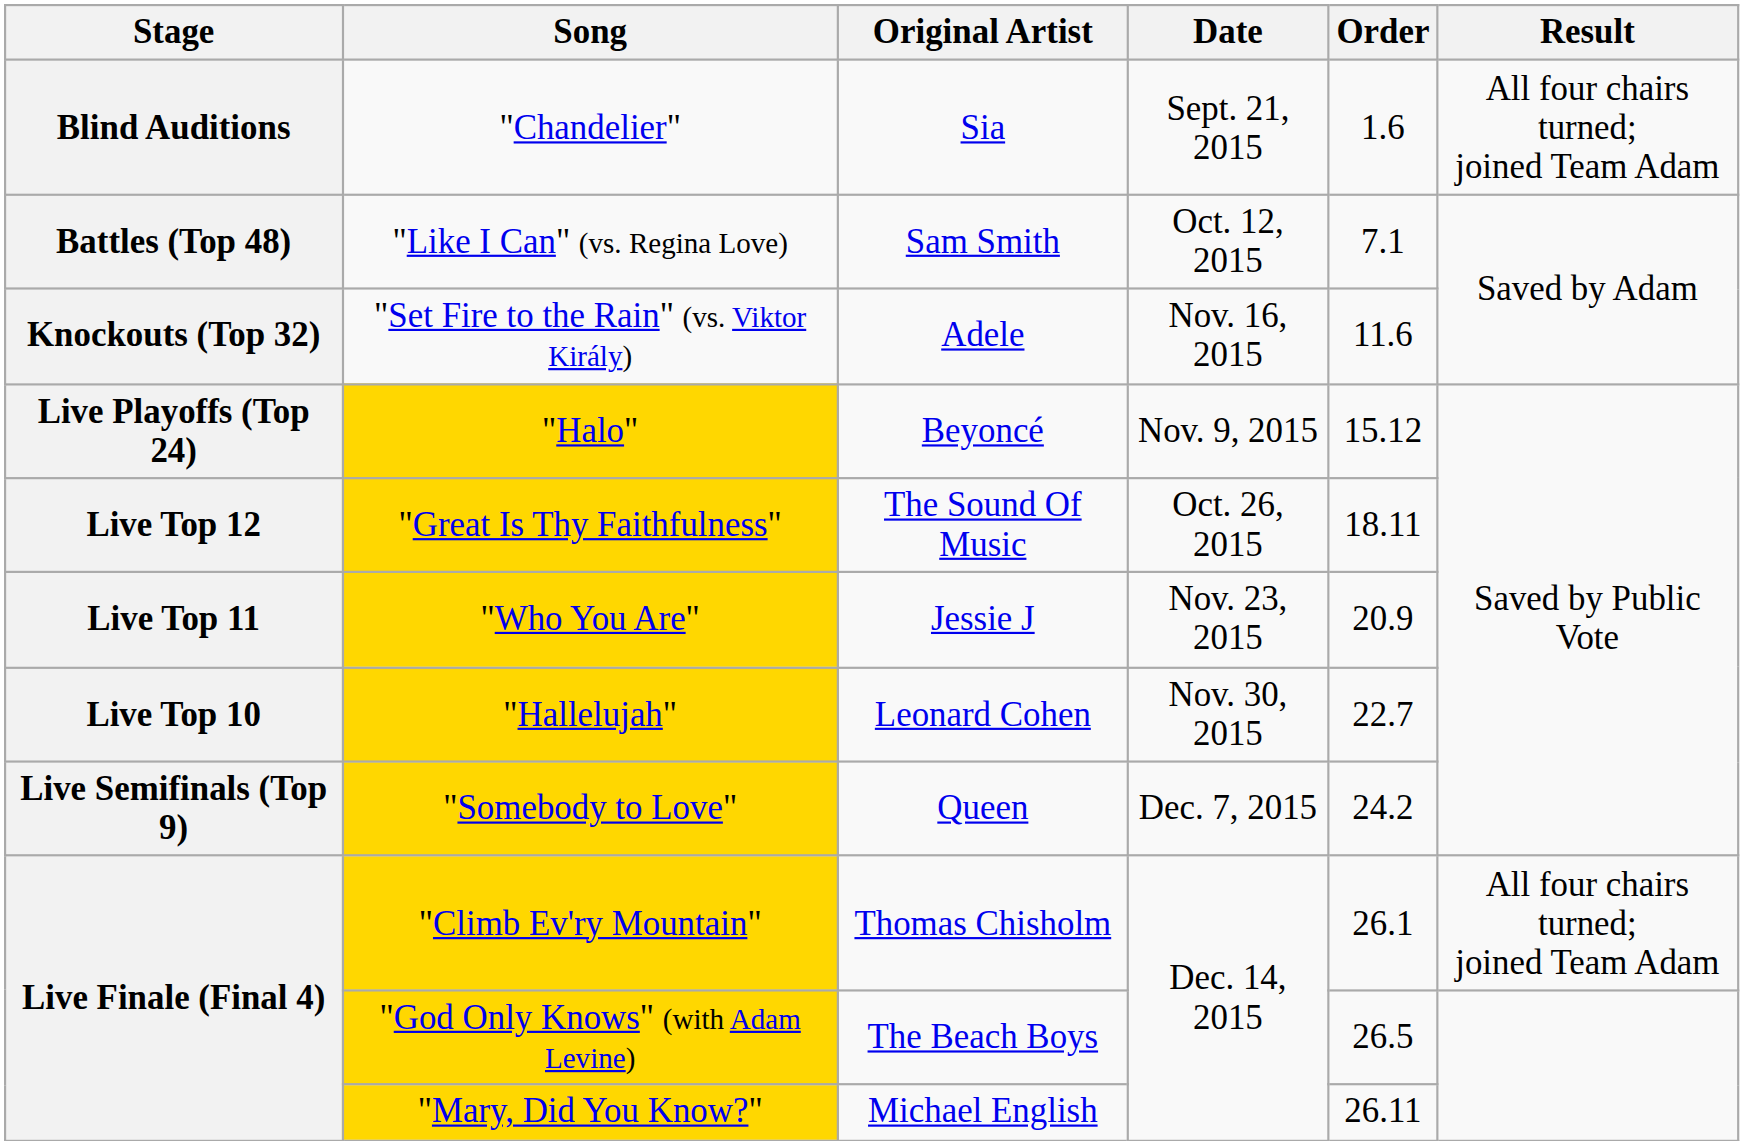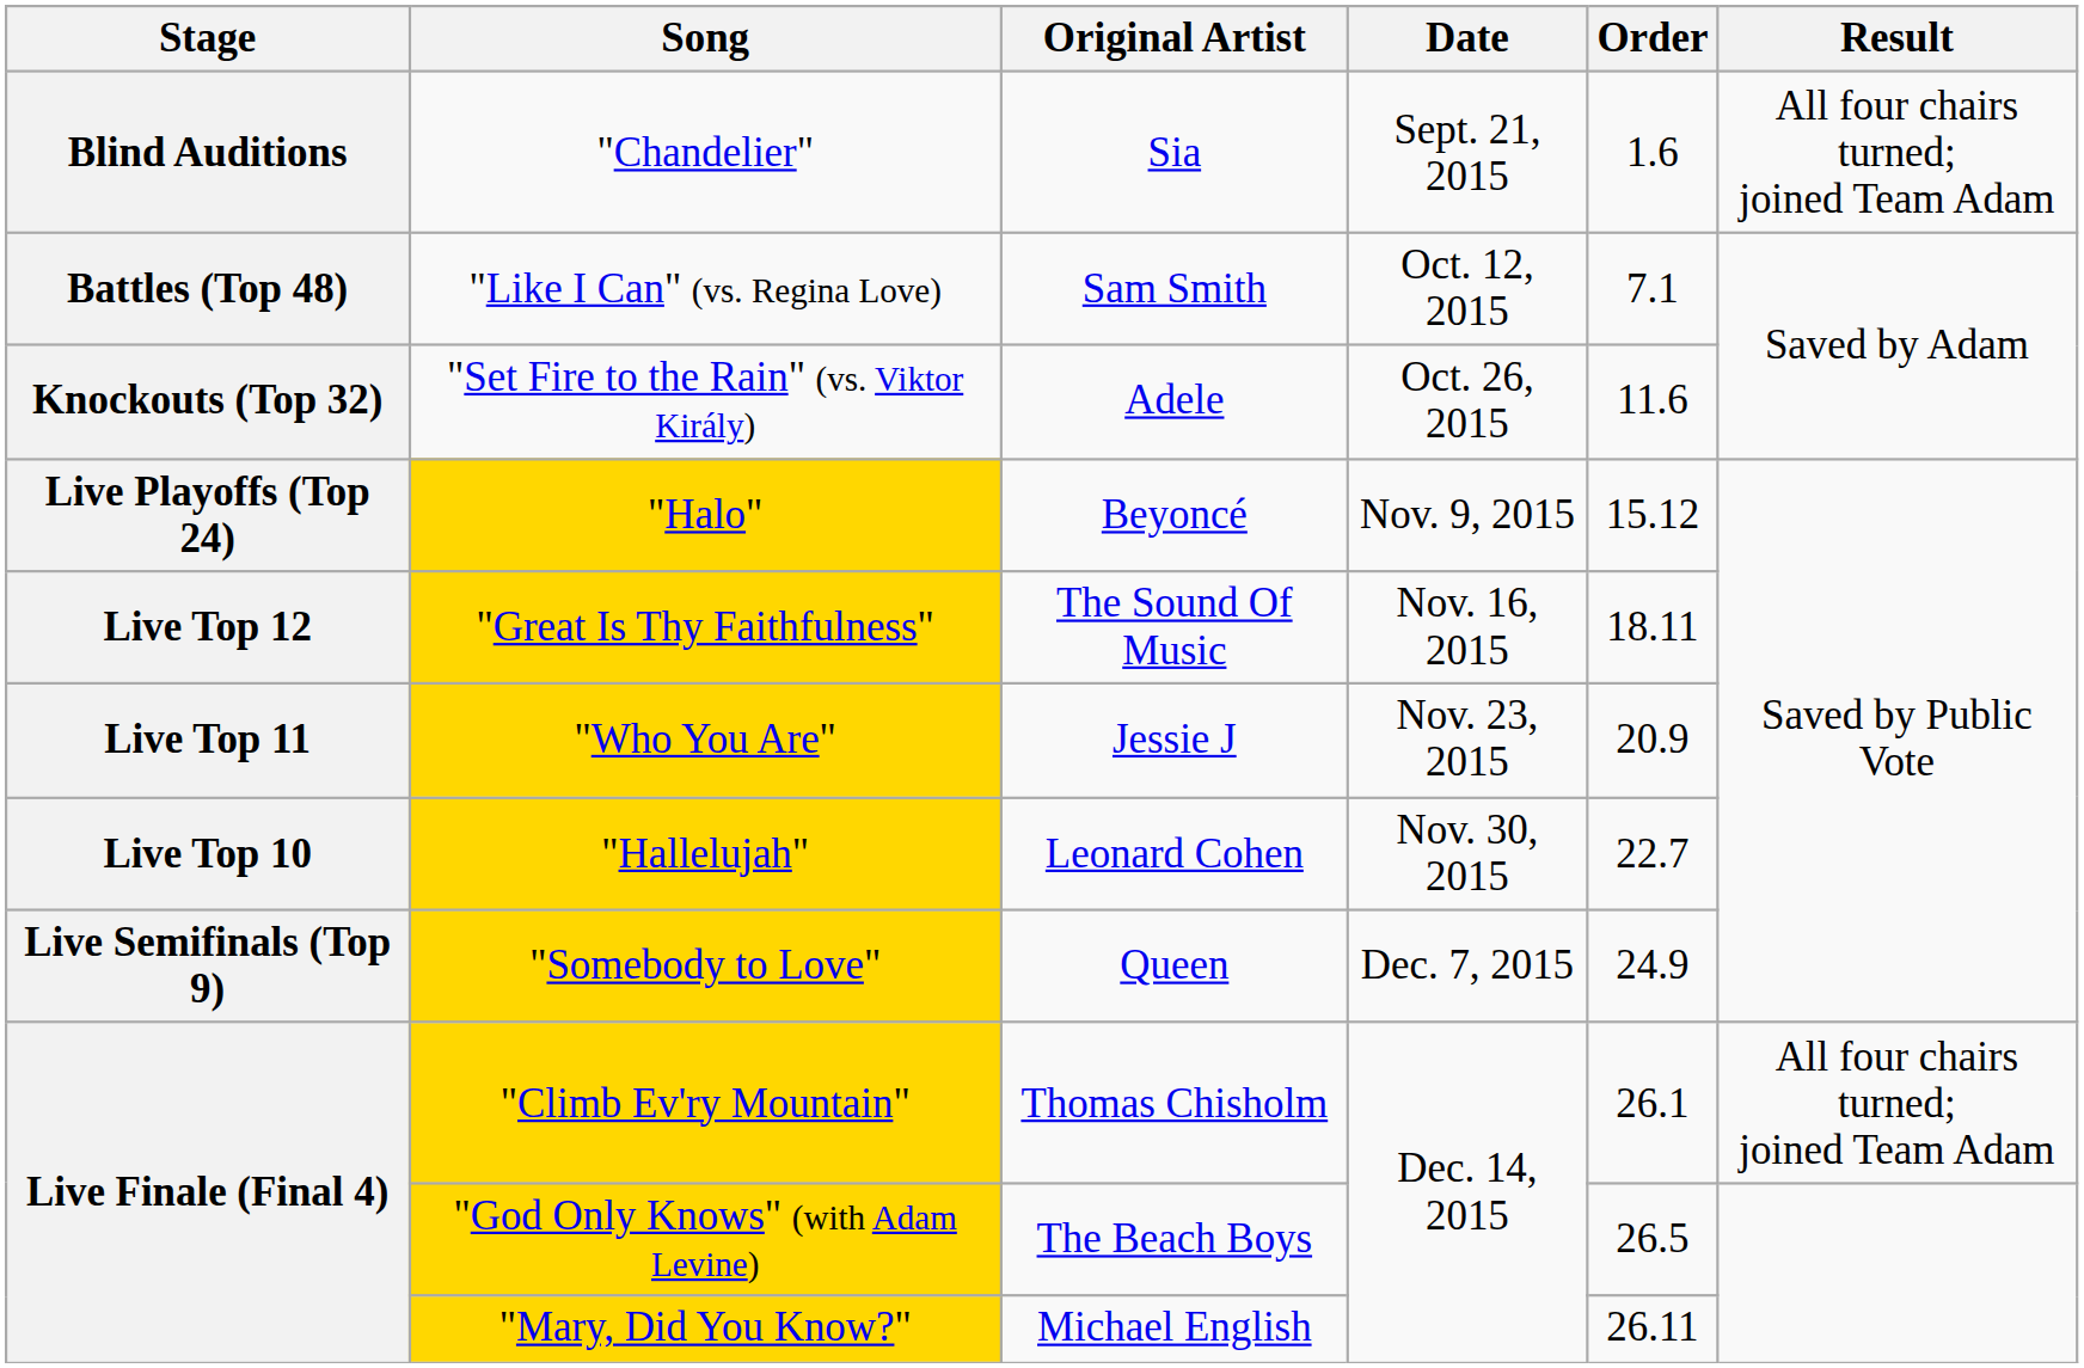 <table class="wikitable" style="width:90%;text-align:center;">
 <tr>
 <th scope="col">Stage</th>
 <th scope="col">Song</th>
 <th scope="col">Original Artist</th>
 <th scope="col">Date</th>
 <th scope="col">Order</th>
 <th scope="col">Result</th>
 </tr>
 <tr>
 <th scope="row">Blind Auditions</th>
 <td>"<a href='#'>Chandelier</a>"</td>
 <td><a href='#'>Sia</a></td>
 <td>Sept. 21, 2015</td>
 <td>1.6</td>
 <td>All four chairs turned;<br>joined Team Adam</td>
 </tr>
 <tr>
 <th scope="row">Battles (Top 48)</th>
 <td>"<a href='#'>Like I Can</a>" <small>(vs. Regina Love)</small></td>
 <td><a href='#'>Sam Smith</a></td>
 <td>Oct. 12, 2015</td>
 <td>7.1</td>
 <td rowspan=2>Saved by Adam</td>
 </tr>
 <tr>
 <th scope="row">Knockouts (Top 32)</th>
 <td>"<a href='#'>Set Fire to the Rain</a>"  <small>(vs. <a href='#'>Viktor Király</a>)</small></td>
 <td><a href='#'>Adele</a></td>
-<td>Nov. 16, 2015</td>
+<td>Oct. 26, 2015</td>
 <td>11.6</td>
 </tr>
 <tr>
 <th scope="row">Live Playoffs (Top 24)</th>
 <td style="background:gold;">"<a href='#'>Halo</a>"</td>
 <td><a href='#'>Beyoncé</a></td>
 <td>Nov. 9, 2015</td>
 <td>15.12</td>
 <td rowspan=5>Saved by Public Vote</td>
 </tr>
 <tr>
 <th scope="row">Live Top 12</th>
 <td style="background:gold;">"<a href='#'>Great Is Thy Faithfulness</a>"</td>
 <td><a href='#'>The Sound Of Music</a></td>
-<td>Oct. 26, 2015</td>
+<td>Nov. 16, 2015</td>
 <td>18.11</td>
 </tr>
 <tr>
 <th scope="row">Live Top 11</th>
 <td style="background:gold;">"<a href='#'>Who You Are</a>"</td>
 <td><a href='#'>Jessie J</a></td>
 <td>Nov. 23, 2015</td>
 <td>20.9</td>
 </tr>
 <tr>
 <th scope="row">Live Top 10</th>
 <td style="background:gold;">"<a href='#'>Hallelujah</a>"</td>
 <td><a href='#'>Leonard Cohen</a></td>
 <td>Nov. 30, 2015</td>
 <td>22.7</td>
 </tr>
 <tr>
 <th scope="row">Live Semifinals (Top 9)</th>
 <td style="background:gold;">"<a href='#'>Somebody to Love</a>"</td>
 <td><a href='#'>Queen</a></td>
 <td>Dec. 7, 2015</td>
-<td>24.2</td>
+<td>24.9</td>
 </tr>
 <tr>
 <th scope="row" rowspan="3">Live Finale (Final 4)</th>
 <td style="background:gold;">"<a href='#'>Climb Ev'ry Mountain</a>"</td>
 <td><a href='#'>Thomas Chisholm</a></td>
 <td rowspan=3>Dec. 14, 2015</td>
 <td>26.1</td>
 <td>All four chairs turned;<br>joined Team Adam</td>
 </tr>
 <tr>
 <td style="background:gold;">"<a href='#'>God Only Knows</a>" <small>(with <a href='#'>Adam Levine</a>)</small></td>
 <td><a href='#'>The Beach Boys</a></td>
 <td>26.5</td>
 </tr>
 <tr>
 <td style="background:gold;">"<a href='#'>Mary, Did You Know?</a>"</td>
 <td><a href='#'>Michael English</a></td>
 <td>26.11</td>
 </tr>
 </table>
